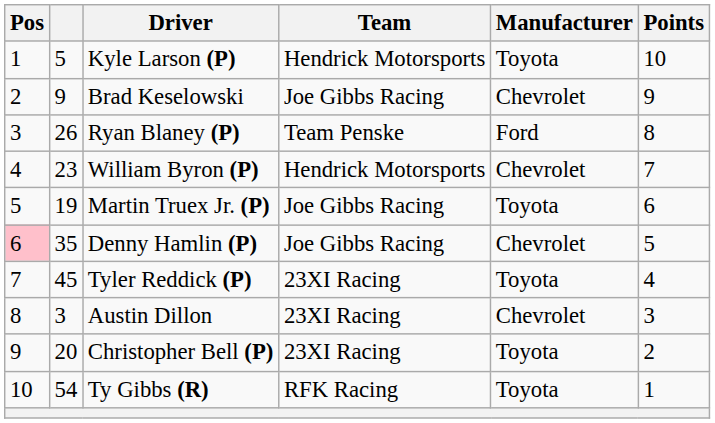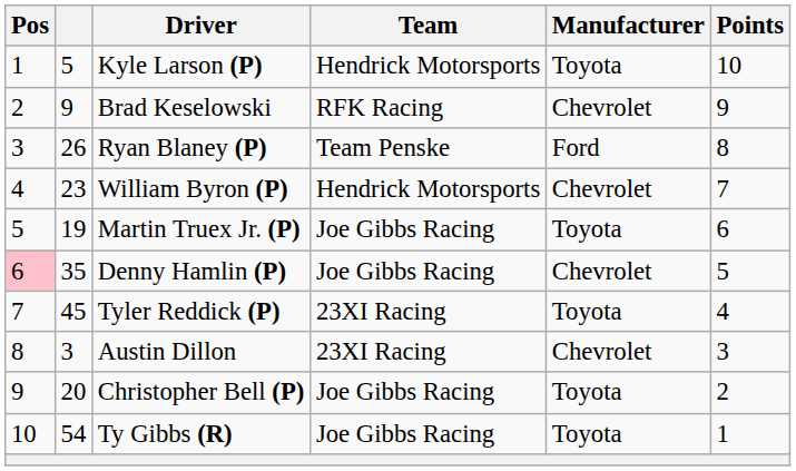 <table class="wikitable" style="font-size:98%">
 <tr>
 <th>Pos</th>
 <th></th>
 <th>Driver</th>
 <th>Team</th>
 <th>Manufacturer</th>
 <th>Points</th>
 </tr>
 <tr>
 <td>1</td>
 <td>5</td>
 <td>Kyle Larson <strong>(P)</strong></td>
 <td>Hendrick Motorsports</td>
 <td>Toyota</td>
 <td>10</td>
 </tr>
 <tr>
 <td>2</td>
 <td>9</td>
 <td>Brad Keselowski</td>
-<td>Joe Gibbs Racing</td>
+<td>RFK Racing</td>
 <td>Chevrolet</td>
 <td>9</td>
 </tr>
 <tr>
 <td>3</td>
 <td>26</td>
 <td>Ryan Blaney <strong>(P)</strong></td>
 <td>Team Penske</td>
 <td>Ford</td>
 <td>8</td>
 </tr>
 <tr>
 <td>4</td>
 <td>23</td>
 <td>William Byron <strong>(P)</strong></td>
 <td>Hendrick Motorsports</td>
 <td>Chevrolet</td>
 <td>7</td>
 </tr>
 <tr>
 <td>5</td>
 <td>19</td>
 <td>Martin Truex Jr. <strong>(P)</strong></td>
 <td>Joe Gibbs Racing</td>
 <td>Toyota</td>
 <td>6</td>
 </tr>
 <tr>
 <td style="background: pink;">6</td>
 <td>35</td>
 <td>Denny Hamlin <strong>(P)</strong></td>
 <td>Joe Gibbs Racing</td>
 <td>Chevrolet</td>
 <td>5</td>
 </tr>
 <tr>
 <td>7</td>
 <td>45</td>
 <td>Tyler Reddick <strong>(P)</strong></td>
 <td>23XI Racing</td>
 <td>Toyota</td>
 <td>4</td>
 </tr>
 <tr>
 <td>8</td>
 <td>3</td>
 <td>Austin Dillon</td>
 <td>23XI Racing</td>
 <td>Chevrolet</td>
 <td>3</td>
 </tr>
 <tr>
 <td>9</td>
 <td>20</td>
 <td>Christopher Bell <strong>(P)</strong></td>
-<td>23XI Racing</td>
+<td>Joe Gibbs Racing</td>
 <td>Toyota</td>
 <td>2</td>
 </tr>
 <tr>
 <td>10</td>
 <td>54</td>
 <td>Ty Gibbs <strong>(R)</strong></td>
-<td>RFK Racing</td>
+<td>Joe Gibbs Racing</td>
 <td>Toyota</td>
 <td>1</td>
 </tr>
 <tr>
 <th colspan="6"></th>
 </tr>
 </table>
